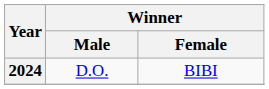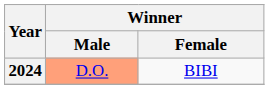 <table class="wikitable plainrowheaders" style="text-align:center">
 <tr>
 <th scope="col" rowspan="2">Year</th>
 <th scope="col" width="200" colspan="2">Winner</th>
 </tr>
 <tr>
 <th>Male</th>
 <th>Female</th>
 </tr>
 <tr>
 <th scope="row">2024</th>
-<td><a href='#'>D.O.</a></td>
+<td style="background: lightsalmon;"><a href='#'>D.O.</a></td>
 <td><a href='#'>BIBI</a></td>
 </tr>
 <tr>
 </tr>
 </table>
